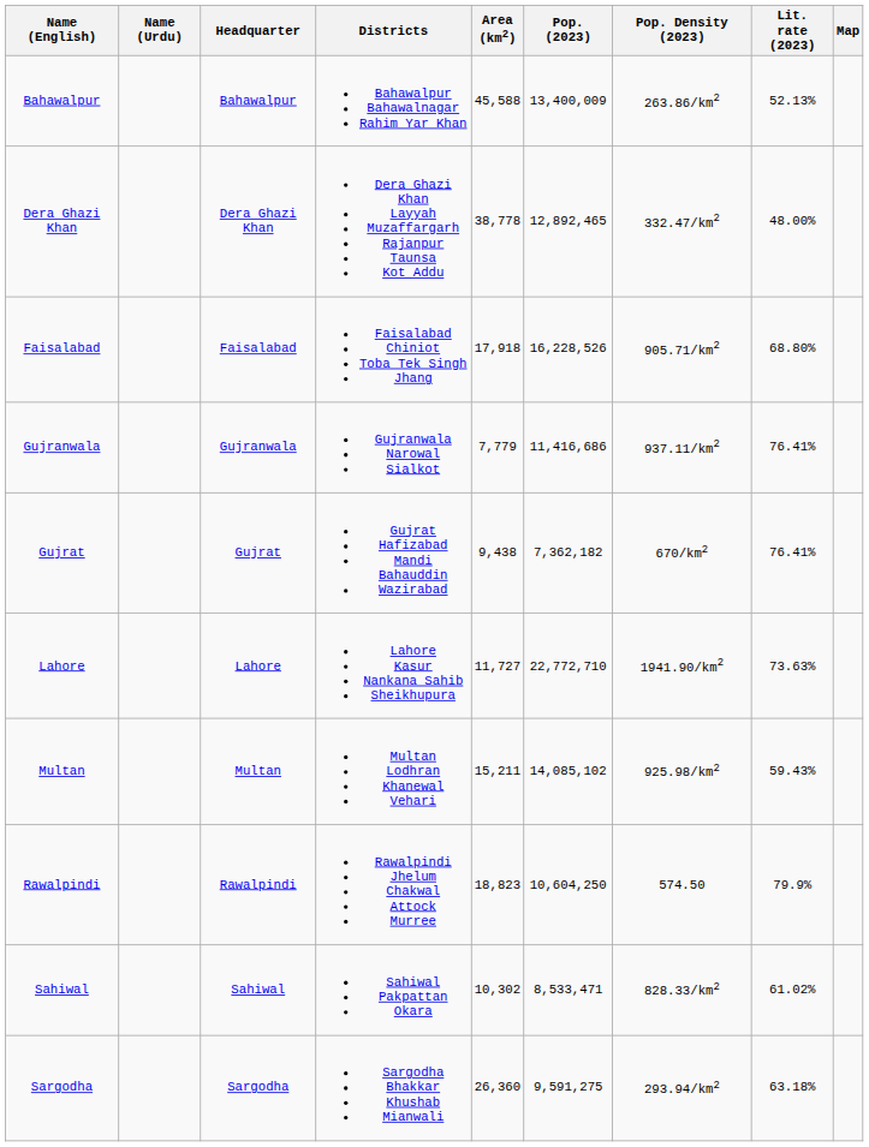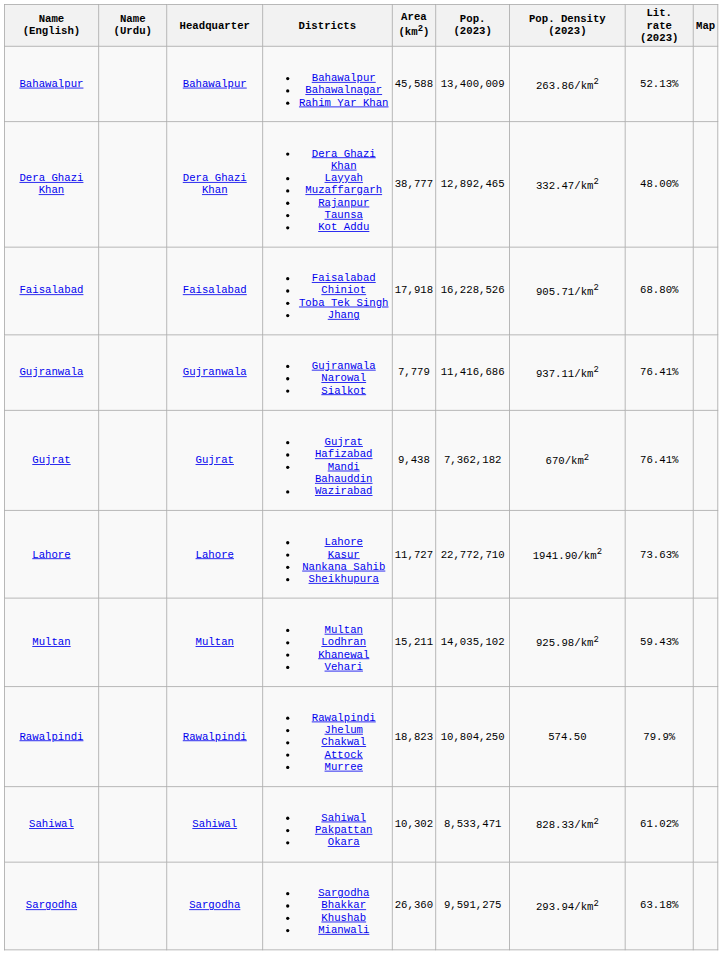 <table class="wikitable sortable static-row-numbers static-row-header-hash" style="text-align:center">
 <tr>
 <th><strong>Name <br>(English)</strong></th>
 <th><strong>Name  (Urdu)</strong></th>
 <th><strong>Headquarter</strong></th>
 <th><strong>Districts</strong></th>
 <th>Area<br>(km<sup>2</sup>)</th>
 <th>Pop. (2023)</th>
 <th>Pop. Density (2023)</th>
 <th>Lit.<br>rate (2023)</th>
 <th>Map</th>
 </tr>
 <tr>
 <td style="text-align:center;"><a href='#'>Bahawalpur</a></td>
 <td></td>
 <td style="text-align:center;"><a href='#'>Bahawalpur</a></td>
 <td style="text-align:center;"><br><ul><li><a href='#'>Bahawalpur</a></li><li><a href='#'>Bahawalnagar</a></li><li><a href='#'>Rahim Yar Khan</a></li></ul></td>
 <td>45,588</td>
 <td>13,400,009</td>
 <td>263.86/km<sup>2</sup></td>
 <td>52.13%</td>
 <td style="text-align:left;"></td>
 </tr>
 <tr>
 <td style="text-align:center;"><a href='#'>Dera Ghazi Khan</a></td>
 <td></td>
 <td style="text-align:center;"><a href='#'>Dera Ghazi Khan</a></td>
 <td style="text-align:center;"><br><ul><li><a href='#'>Dera Ghazi Khan</a></li><li><a href='#'>Layyah</a></li><li><a href='#'>Muzaffargarh</a></li><li><a href='#'>Rajanpur</a></li><li><a href='#'>Taunsa</a></li><li><a href='#'>Kot Addu</a></li></ul></td>
-<td>38,778</td>
+<td>38,777</td>
 <td>12,892,465</td>
 <td>332.47/km<sup>2</sup></td>
 <td>48.00%</td>
 <td style="text-align:left;"></td>
 </tr>
 <tr>
 <td style="text-align:center;"><a href='#'>Faisalabad</a></td>
 <td></td>
 <td style="text-align:center;"><a href='#'>Faisalabad</a></td>
 <td style="text-align:center;"><br><ul><li><a href='#'>Faisalabad</a></li><li><a href='#'>Chiniot</a></li><li><a href='#'>Toba Tek Singh</a></li><li><a href='#'>Jhang</a></li></ul></td>
 <td>17,918</td>
 <td>16,228,526</td>
 <td>905.71/km<sup>2</sup></td>
 <td>68.80%</td>
 <td style="text-align:left;"></td>
 </tr>
 <tr>
 <td style="text-align:center;"><a href='#'>Gujranwala</a></td>
 <td></td>
 <td style="text-align:center;"><a href='#'>Gujranwala</a></td>
 <td style="text-align:center;"><br><ul><li><a href='#'>Gujranwala</a></li><li><a href='#'>Narowal</a></li><li><a href='#'>Sialkot</a></li></ul></td>
 <td>7,779</td>
 <td>11,416,686</td>
 <td>937.11/km<sup>2</sup></td>
 <td>76.41%</td>
 <td style="text-align:left;"></td>
 </tr>
 <tr>
 <td style="text-align:center;"><a href='#'>Gujrat</a></td>
 <td></td>
 <td style="text-align:center;"><a href='#'>Gujrat</a></td>
 <td style="text-align:center;"><br><ul><li><a href='#'>Gujrat</a></li><li><a href='#'>Hafizabad</a></li><li><a href='#'>Mandi Bahauddin</a></li><li><a href='#'>Wazirabad</a></li></ul></td>
 <td>9,438</td>
 <td>7,362,182</td>
 <td>670/km<sup>2</sup></td>
 <td>76.41%</td>
 <td style="text-align:left;"></td>
 </tr>
 <tr>
 <td style="text-align:center;"><a href='#'>Lahore</a></td>
 <td></td>
 <td style="text-align:center;"><a href='#'>Lahore</a></td>
 <td style="text-align:center;"><br><ul><li><a href='#'>Lahore</a></li><li><a href='#'>Kasur</a></li><li><a href='#'>Nankana Sahib</a></li><li><a href='#'>Sheikhupura</a></li></ul></td>
 <td>11,727</td>
 <td>22,772,710</td>
 <td>1941.90/km<sup>2</sup></td>
 <td>73.63%</td>
 <td style="text-align:left;"></td>
 </tr>
 <tr>
 <td style="text-align:center;"><a href='#'>Multan</a></td>
 <td></td>
 <td style="text-align:center;"><a href='#'>Multan</a></td>
 <td style="text-align:center;"><br><ul><li><a href='#'>Multan</a></li><li><a href='#'>Lodhran</a></li><li><a href='#'>Khanewal</a></li><li><a href='#'>Vehari</a></li></ul></td>
 <td>15,211</td>
-<td>14,085,102</td>
+<td>14,035,102</td>
 <td>925.98/km<sup>2</sup></td>
 <td>59.43%</td>
 <td style="text-align:left;"></td>
 </tr>
 <tr>
 <td style="text-align:center;"><a href='#'>Rawalpindi</a></td>
 <td></td>
 <td style="text-align:center;"><a href='#'>Rawalpindi</a></td>
 <td style="text-align:center;"><br><ul><li><a href='#'>Rawalpindi</a></li><li><a href='#'>Jhelum</a></li><li><a href='#'>Chakwal</a></li><li><a href='#'>Attock</a></li><li><a href='#'>Murree</a></li></ul></td>
 <td>18,823</td>
-<td>10,604,250</td>
+<td>10,804,250</td>
 <td>574.50</td>
 <td>79.9%</td>
 <td style="text-align:left;"></td>
 </tr>
 <tr>
 <td style="text-align:center;"><a href='#'>Sahiwal</a></td>
 <td></td>
 <td style="text-align:center;"><a href='#'>Sahiwal</a></td>
 <td style="text-align:center;"><br><ul><li><a href='#'>Sahiwal</a></li><li><a href='#'>Pakpattan</a></li><li><a href='#'>Okara</a></li></ul></td>
 <td>10,302</td>
 <td>8,533,471</td>
 <td>828.33/km<sup>2</sup></td>
 <td>61.02%</td>
 <td style="text-align:left;"></td>
 </tr>
 <tr>
 <td style="text-align:center;"><a href='#'>Sargodha</a></td>
 <td></td>
 <td style="text-align:center;"><a href='#'>Sargodha</a></td>
 <td style="text-align:center;"><br><ul><li><a href='#'>Sargodha</a></li><li><a href='#'>Bhakkar</a></li><li><a href='#'>Khushab</a></li><li><a href='#'>Mianwali</a></li></ul></td>
 <td>26,360</td>
 <td>9,591,275</td>
 <td>293.94/km<sup>2</sup></td>
 <td>63.18%</td>
 <td style="text-align:left;"></td>
 </tr>
 </table>
